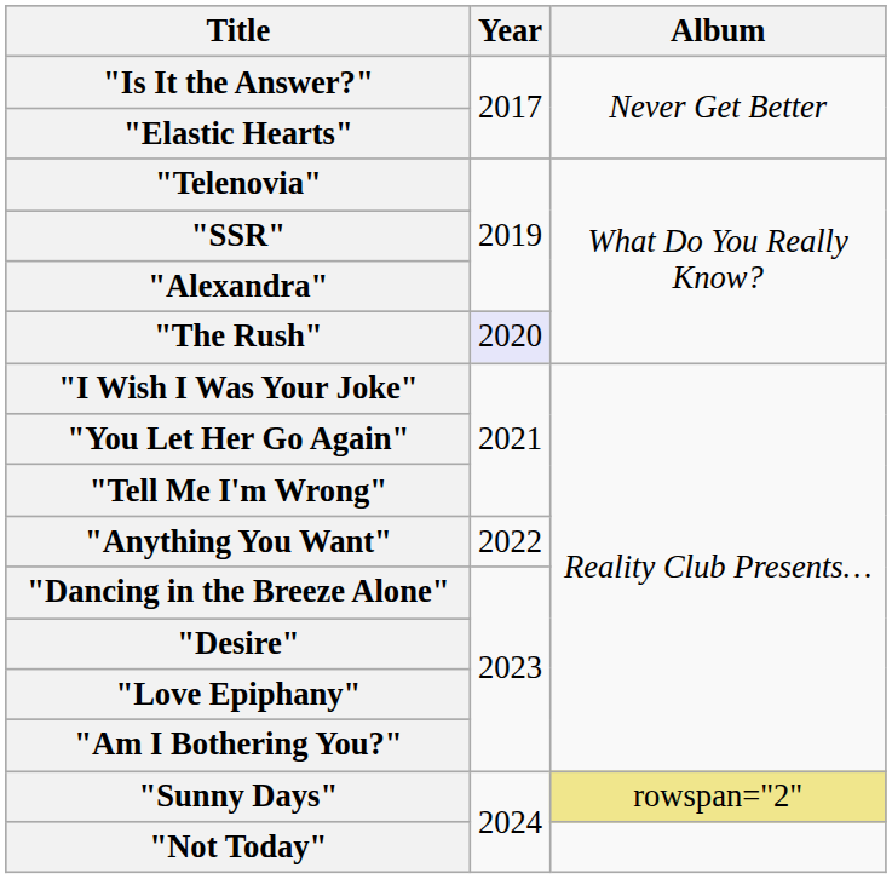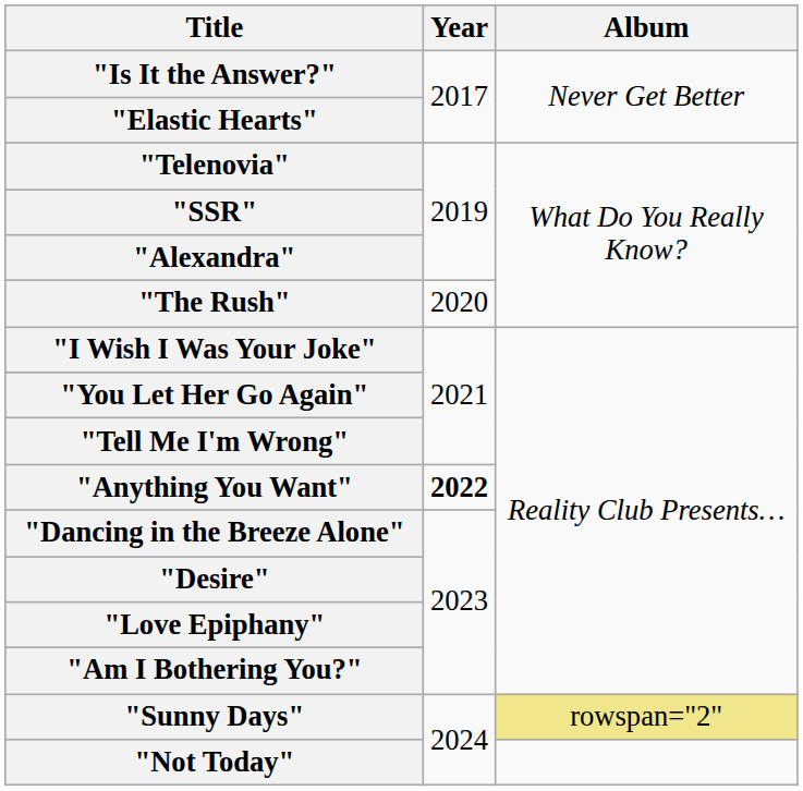 <table class="wikitable plainrowheaders" style="text-align:center;">
 <tr>
 <th scope="col" style="width:14em;">Title</th>
 <th scope="col">Year</th>
 <th scope="col" style="width:10em;">Album</th>
 </tr>
 <tr>
 <th scope="row">"Is It the Answer?"</th>
 <td rowspan="2">2017</td>
 <td rowspan="2"><em>Never Get Better</em></td>
 </tr>
 <tr>
 <th scope="row">"Elastic Hearts"</th>
 </tr>
 <tr>
 <th scope="row">"Telenovia"</th>
 <td rowspan="3">2019</td>
 <td rowspan="4"><em>What Do You Really Know?</em></td>
 </tr>
 <tr>
 <th scope="row">"SSR"</th>
 </tr>
 <tr>
 <th scope="row">"Alexandra"</th>
 </tr>
 <tr>
 <th scope="row">"The Rush"</th>
-<td style="background: lavender;">2020</td>
+<td>2020</td>
 </tr>
 <tr>
 <th scope="row">"I Wish I Was Your Joke"<br></th>
 <td rowspan="3">2021</td>
 <td rowspan="8"><em>Reality Club Presents…</em></td>
 </tr>
 <tr>
 <th scope="row">"You Let Her Go Again"</th>
 </tr>
 <tr>
 <th scope="row">"Tell Me I'm Wrong"</th>
 </tr>
 <tr>
 <th scope="row">"Anything You Want"</th>
-<td>2022</td>
+<td><strong>2022</strong></td>
 </tr>
 <tr>
 <th scope="row">"Dancing in the Breeze Alone"</th>
 <td rowspan="4">2023</td>
 </tr>
 <tr>
 <th scope="row">"Desire"</th>
 </tr>
 <tr>
 <th scope="row">"Love Epiphany"</th>
 </tr>
 <tr>
 <th scope="row">"Am I Bothering You?"</th>
 </tr>
 <tr>
 <th scope="row">"Sunny Days"</th>
 <td rowspan="2">2024</td>
 <td style="background: khaki;">rowspan="2" </td>
 </tr>
 <tr>
 <th scope="row">"Not Today"</th>
 </tr>
 </table>
